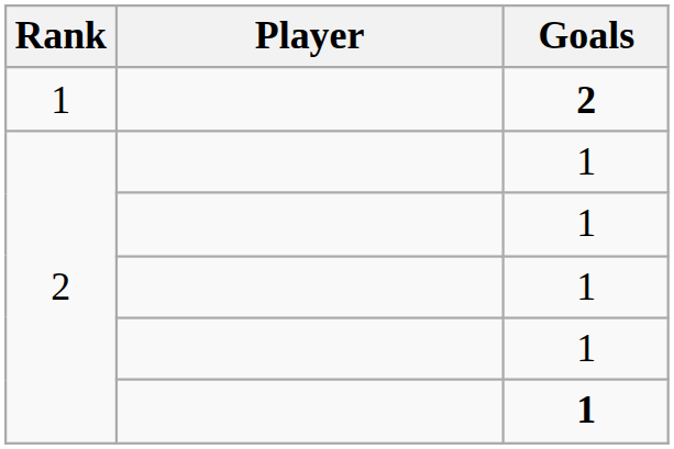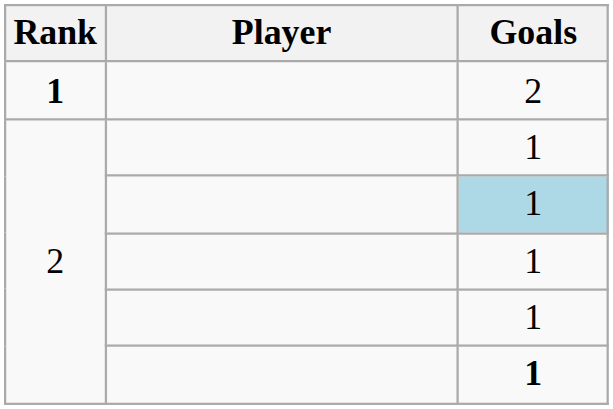 <table class="wikitable sortable" style="text-align:center;">
 <tr>
 <th width="30">Rank</th>
 <th width="150">Player</th>
 <th width="60">Goals</th>
 </tr>
 <tr>
-<td>1</td>
+<td><strong>1</strong></td>
 <td align="left"></td>
-<td><strong>2</strong></td>
+<td>2</td>
 </tr>
 <tr>
 <td rowspan="5">2</td>
 <td align="left"></td>
 <td>1</td>
 </tr>
 <tr>
 <td align="left"></td>
-<td>1</td>
+<td style="background: lightblue;">1</td>
 </tr>
 <tr>
 <td align="left"></td>
 <td>1</td>
 </tr>
 <tr>
 <td align="left"></td>
 <td>1</td>
 </tr>
 <tr>
 <td align="left"></td>
 <td><strong>1</strong></td>
 </tr>
 </table>
